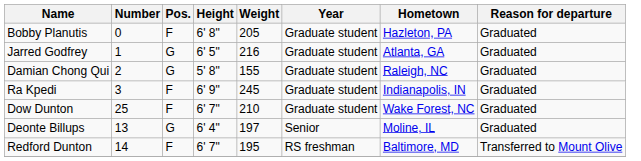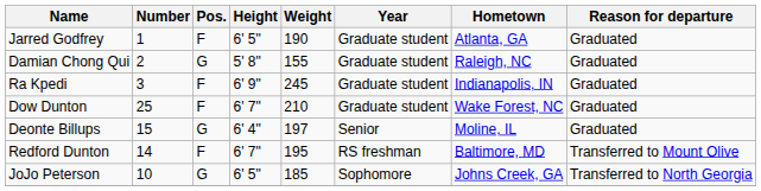 <table class="wikitable sortable" border="1">
 <tr>
 <th>Name</th>
 <th>Number</th>
 <th>Pos.</th>
 <th>Height</th>
 <th>Weight</th>
 <th>Year</th>
 <th>Hometown</th>
 <th>Reason for departure</th>
 </tr>
 <tr>
-<td>Bobby Planutis</td>
-<td>0</td>
-<td>F</td>
-<td>6' 8"</td>
-<td>205</td>
-<td>Graduate student</td>
-<td><a href='#'>Hazleton, PA</a></td>
-<td>Graduated</td>
-</tr>
-<tr>
 <td>Jarred Godfrey</td>
 <td>1</td>
-<td>G</td>
+<td>F</td>
 <td>6' 5"</td>
-<td>216</td>
+<td>190</td>
 <td>Graduate student</td>
 <td><a href='#'>Atlanta, GA</a></td>
 <td>Graduated</td>
 </tr>
 <tr>
 <td>Damian Chong Qui</td>
 <td>2</td>
 <td>G</td>
 <td>5' 8"</td>
 <td>155</td>
 <td>Graduate student</td>
 <td><a href='#'>Raleigh, NC</a></td>
 <td>Graduated</td>
 </tr>
 <tr>
 <td>Ra Kpedi</td>
 <td>3</td>
 <td>F</td>
 <td>6' 9"</td>
 <td>245</td>
 <td>Graduate student</td>
 <td><a href='#'>Indianapolis, IN</a></td>
 <td>Graduated</td>
 </tr>
 <tr>
 <td>Dow Dunton</td>
 <td>25</td>
 <td>F</td>
 <td>6' 7"</td>
 <td>210</td>
 <td>Graduate student</td>
 <td><a href='#'>Wake Forest, NC</a></td>
 <td>Graduated</td>
 </tr>
 <tr>
 <td>Deonte Billups</td>
-<td>13</td>
+<td>15</td>
 <td>G</td>
 <td>6' 4"</td>
 <td>197</td>
 <td>Senior</td>
 <td><a href='#'>Moline, IL</a></td>
 <td>Graduated</td>
 </tr>
 <tr>
 <td>Redford Dunton</td>
 <td>14</td>
 <td>F</td>
 <td>6' 7"</td>
 <td>195</td>
 <td>RS freshman</td>
 <td><a href='#'>Baltimore, MD</a></td>
 <td>Transferred to <a href='#'>Mount Olive</a></td>
 </tr>
 <tr>
+<td>JoJo Peterson</td>
+<td>10</td>
+<td>G</td>
+<td>6' 5"</td>
+<td>185</td>
+<td>Sophomore</td>
+<td><a href='#'>Johns Creek, GA</a></td>
+<td>Transferred to <a href='#'>North Georgia</a></td>
+</tr>
+<tr>
 </tr>
 </table>
